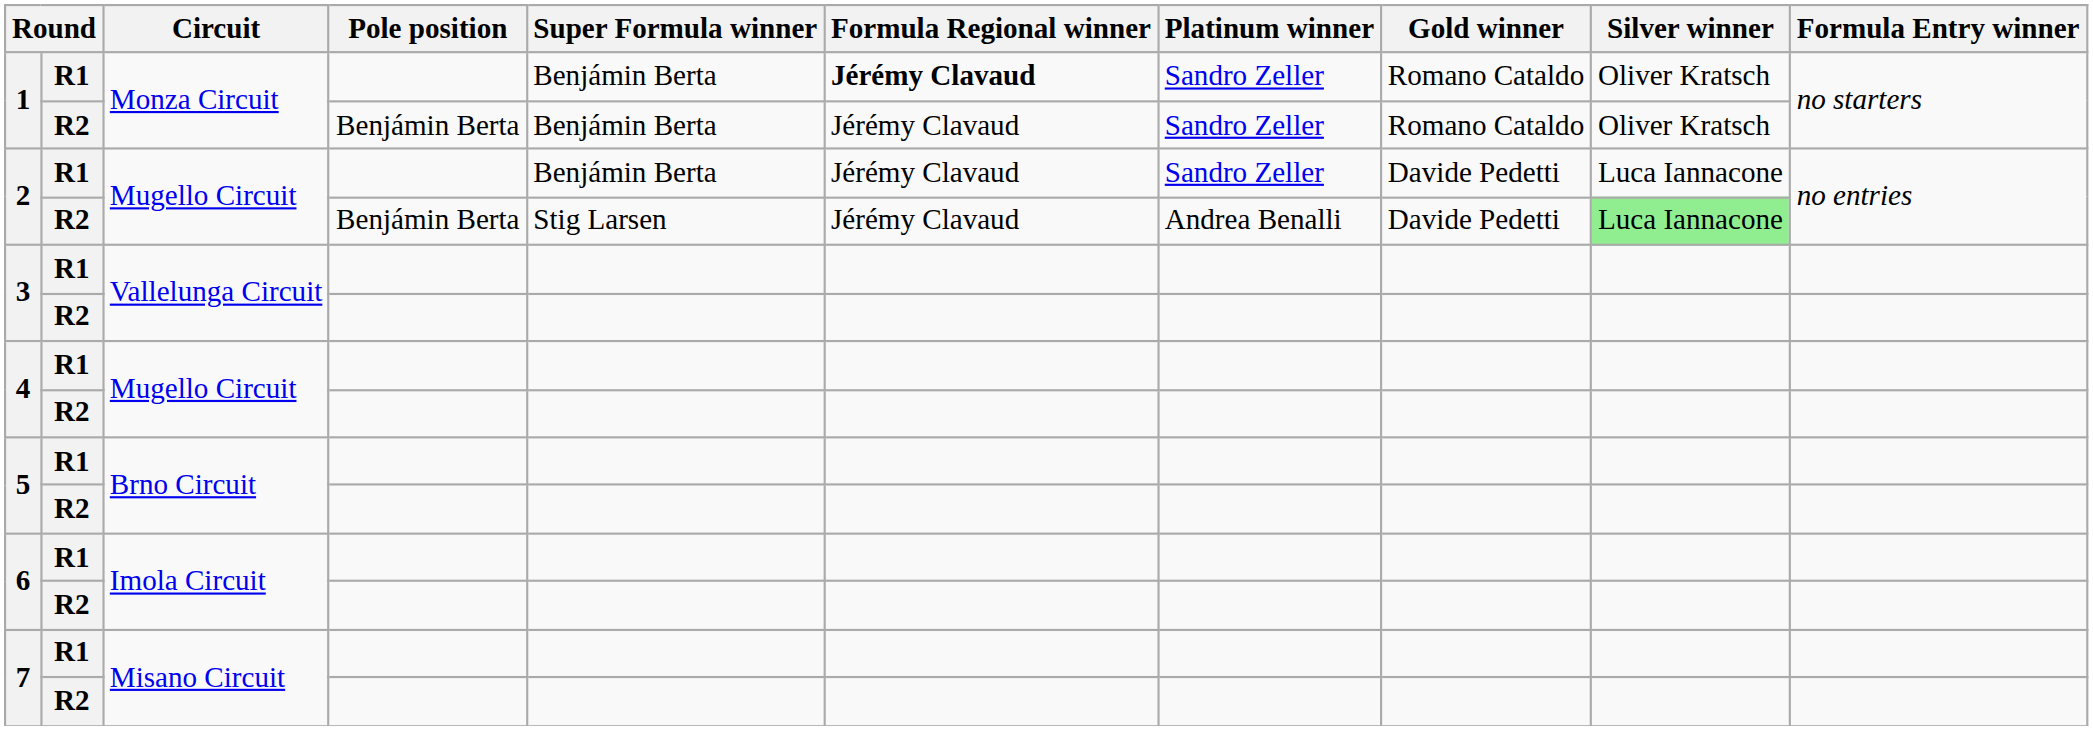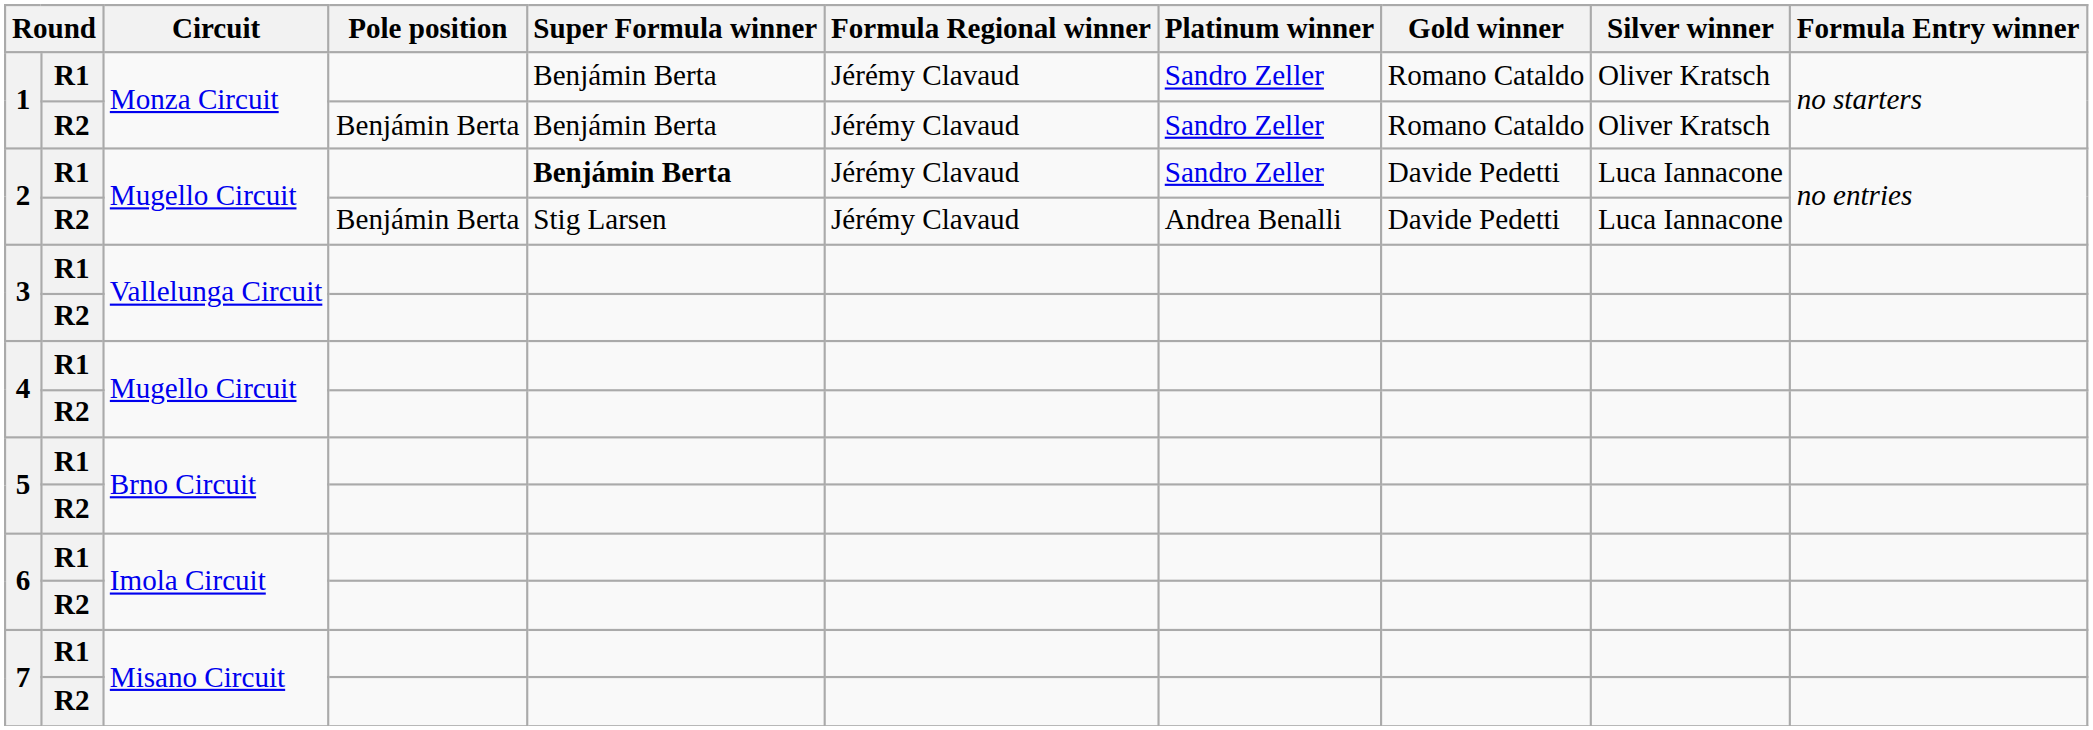 <table class="wikitable" style="font-size:85%">
 <tr>
 <th colspan="2">Round</th>
 <th>Circuit</th>
 <th>Pole position</th>
 <th>Super Formula winner</th>
 <th>Formula Regional winner</th>
 <th>Platinum winner</th>
 <th>Gold winner</th>
 <th>Silver winner</th>
 <th>Formula Entry winner</th>
 </tr>
 <tr>
 <th rowspan="2">1</th>
 <th>R1</th>
 <td rowspan="2"> <a href='#'>Monza Circuit</a></td>
 <td nowrap=""></td>
 <td> Benjámin Berta</td>
-<td><strong> Jérémy Clavaud</strong></td>
+<td> Jérémy Clavaud</td>
 <td> <a href='#'>Sandro Zeller</a></td>
 <td> Romano Cataldo</td>
 <td> Oliver Kratsch</td>
 <td rowspan="2"><em>no starters</em></td>
 </tr>
 <tr>
 <th>R2</th>
 <td> Benjámin Berta</td>
 <td> Benjámin Berta</td>
 <td> Jérémy Clavaud</td>
 <td> <a href='#'>Sandro Zeller</a></td>
 <td> Romano Cataldo</td>
 <td> Oliver Kratsch</td>
 </tr>
 <tr>
 <th rowspan="2">2</th>
 <th>R1</th>
 <td rowspan="2"> <a href='#'>Mugello Circuit</a></td>
 <td></td>
-<td> Benjámin Berta</td>
+<td><strong> Benjámin Berta</strong></td>
 <td> Jérémy Clavaud</td>
 <td> <a href='#'>Sandro Zeller</a></td>
 <td align="left"> Davide Pedetti</td>
 <td> Luca Iannacone</td>
 <td rowspan="2"><em>no entries</em></td>
 </tr>
 <tr>
 <th>R2</th>
 <td> Benjámin Berta</td>
 <td align="left"> Stig Larsen</td>
 <td> Jérémy Clavaud</td>
 <td align="left"> Andrea Benalli</td>
 <td align="left"> Davide Pedetti</td>
-<td style="background: lightgreen;"> Luca Iannacone</td>
+<td> Luca Iannacone</td>
 </tr>
 <tr>
 <th rowspan="2">3</th>
 <th>R1</th>
 <td rowspan="2"> <a href='#'>Vallelunga Circuit</a></td>
 <td></td>
 <td></td>
 <td></td>
 <td></td>
 <td></td>
 <td></td>
 <td></td>
 </tr>
 <tr>
 <th>R2</th>
 <td></td>
 <td></td>
 <td></td>
 <td></td>
 <td></td>
 <td></td>
 <td></td>
 </tr>
 <tr>
 <th rowspan="2">4</th>
 <th>R1</th>
 <td rowspan="2"> <a href='#'>Mugello Circuit</a></td>
 <td></td>
 <td></td>
 <td></td>
 <td></td>
 <td></td>
 <td></td>
 <td></td>
 </tr>
 <tr>
 <th>R2</th>
 <td></td>
 <td></td>
 <td></td>
 <td></td>
 <td></td>
 <td></td>
 <td></td>
 </tr>
 <tr>
 <th rowspan="2">5</th>
 <th>R1</th>
 <td rowspan="2"> <a href='#'>Brno Circuit</a></td>
 <td></td>
 <td></td>
 <td></td>
 <td></td>
 <td></td>
 <td></td>
 <td></td>
 </tr>
 <tr>
 <th>R2</th>
 <td></td>
 <td></td>
 <td></td>
 <td></td>
 <td></td>
 <td></td>
 <td></td>
 </tr>
 <tr>
 <th rowspan="2">6</th>
 <th>R1</th>
 <td rowspan="2"> <a href='#'>Imola Circuit</a></td>
 <td></td>
 <td></td>
 <td></td>
 <td></td>
 <td></td>
 <td></td>
 <td></td>
 </tr>
 <tr>
 <th>R2</th>
 <td></td>
 <td></td>
 <td></td>
 <td></td>
 <td></td>
 <td></td>
 <td></td>
 </tr>
 <tr>
 <th rowspan="2">7</th>
 <th>R1</th>
 <td rowspan="2"> <a href='#'>Misano Circuit</a></td>
 <td></td>
 <td></td>
 <td></td>
 <td></td>
 <td></td>
 <td></td>
 <td></td>
 </tr>
 <tr>
 <th>R2</th>
 <td></td>
 <td></td>
 <td></td>
 <td></td>
 <td></td>
 <td></td>
 <td></td>
 </tr>
 </table>
